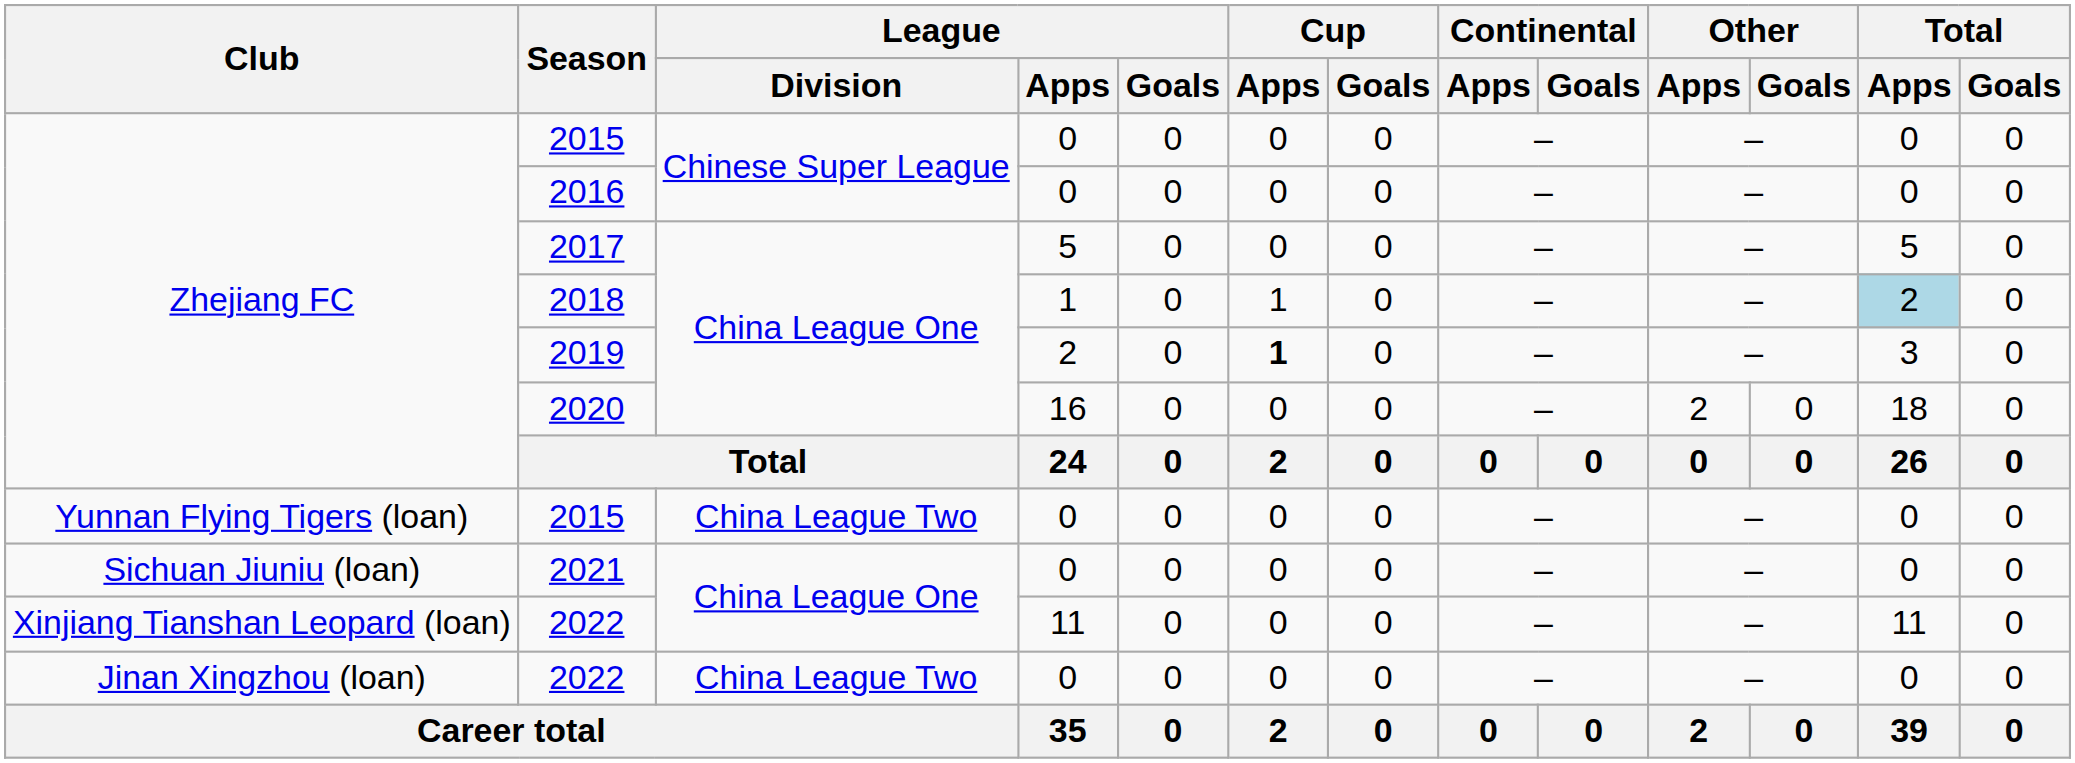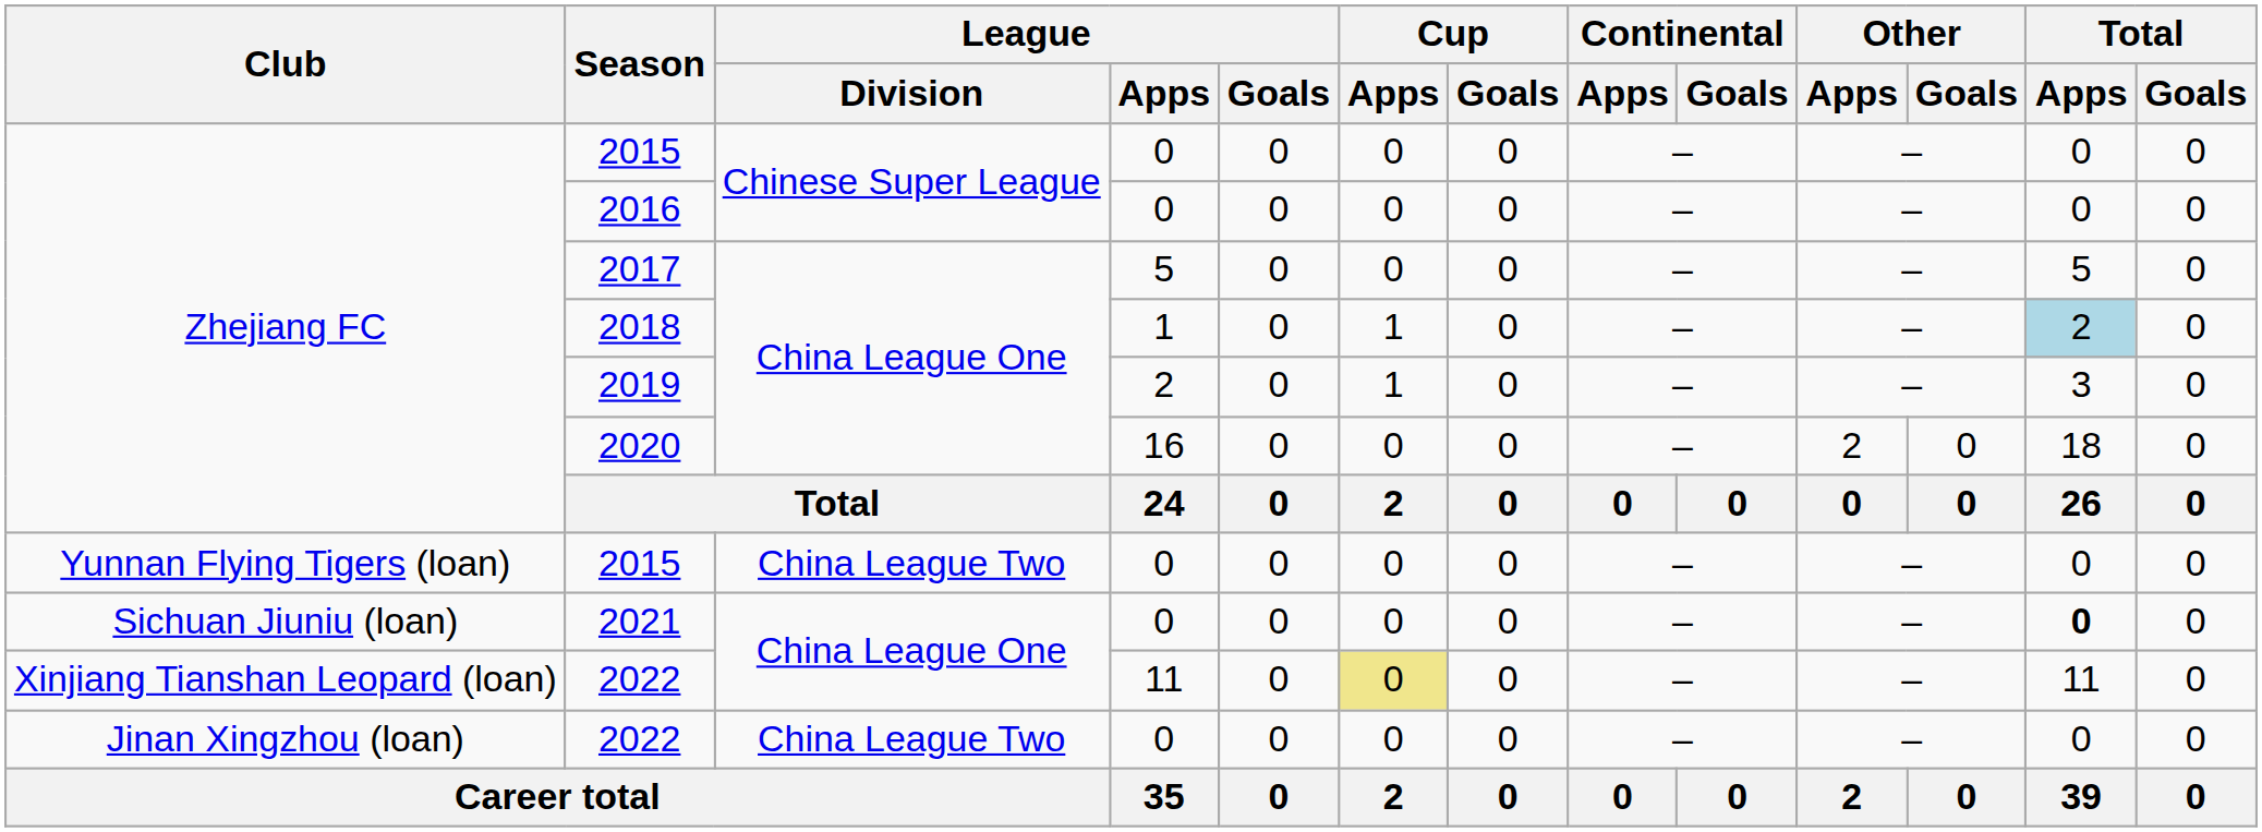 <table class="wikitable" style="text-align: center">
 <tr>
 <th rowspan="2">Club</th>
 <th rowspan="2">Season</th>
 <th colspan="3">League</th>
 <th colspan="2">Cup</th>
 <th colspan="2">Continental</th>
 <th colspan="2">Other</th>
 <th colspan="2">Total</th>
 </tr>
 <tr>
 <th>Division</th>
 <th>Apps</th>
 <th>Goals</th>
 <th>Apps</th>
 <th>Goals</th>
 <th>Apps</th>
 <th>Goals</th>
 <th>Apps</th>
 <th>Goals</th>
 <th>Apps</th>
 <th>Goals</th>
 </tr>
 <tr>
 <td rowspan="7"><a href='#'>Zhejiang FC</a></td>
 <td><a href='#'>2015</a></td>
 <td rowspan="2"><a href='#'>Chinese Super League</a></td>
 <td>0</td>
 <td>0</td>
 <td>0</td>
 <td>0</td>
 <td colspan="2">–</td>
 <td colspan="2">–</td>
 <td>0</td>
 <td>0</td>
 </tr>
 <tr>
 <td><a href='#'>2016</a></td>
 <td>0</td>
 <td>0</td>
 <td>0</td>
 <td>0</td>
 <td colspan="2">–</td>
 <td colspan="2">–</td>
 <td>0</td>
 <td>0</td>
 </tr>
 <tr>
 <td><a href='#'>2017</a></td>
 <td rowspan="4"><a href='#'>China League One</a></td>
 <td>5</td>
 <td>0</td>
 <td>0</td>
 <td>0</td>
 <td colspan="2">–</td>
 <td colspan="2">–</td>
 <td>5</td>
 <td>0</td>
 </tr>
 <tr>
 <td><a href='#'>2018</a></td>
 <td>1</td>
 <td>0</td>
 <td>1</td>
 <td>0</td>
 <td colspan="2">–</td>
 <td colspan="2">–</td>
 <td style="background: lightblue;">2</td>
 <td>0</td>
 </tr>
 <tr>
 <td><a href='#'>2019</a></td>
 <td>2</td>
 <td>0</td>
-<td><strong>1</strong></td>
+<td>1</td>
 <td>0</td>
 <td colspan="2">–</td>
 <td colspan="2">–</td>
 <td>3</td>
 <td>0</td>
 </tr>
 <tr>
 <td><a href='#'>2020</a></td>
 <td>16</td>
 <td>0</td>
 <td>0</td>
 <td>0</td>
 <td colspan="2">–</td>
 <td>2</td>
 <td>0</td>
 <td>18</td>
 <td>0</td>
 </tr>
 <tr>
 <th colspan=2>Total</th>
 <th>24</th>
 <th>0</th>
 <th>2</th>
 <th>0</th>
 <th>0</th>
 <th>0</th>
 <th>0</th>
 <th>0</th>
 <th>26</th>
 <th>0</th>
 </tr>
 <tr>
 <td><a href='#'>Yunnan Flying Tigers</a> (loan)</td>
 <td><a href='#'>2015</a></td>
 <td><a href='#'>China League Two</a></td>
 <td>0</td>
 <td>0</td>
 <td>0</td>
 <td>0</td>
 <td colspan="2">–</td>
 <td colspan="2">–</td>
 <td>0</td>
 <td>0</td>
 </tr>
 <tr>
 <td><a href='#'>Sichuan Jiuniu</a> (loan)</td>
 <td><a href='#'>2021</a></td>
 <td rowspan=2><a href='#'>China League One</a></td>
 <td>0</td>
 <td>0</td>
 <td>0</td>
 <td>0</td>
 <td colspan="2">–</td>
 <td colspan="2">–</td>
-<td>0</td>
+<td><strong>0</strong></td>
 <td>0</td>
 </tr>
 <tr>
 <td><a href='#'>Xinjiang Tianshan Leopard</a> (loan)</td>
 <td><a href='#'>2022</a></td>
 <td>11</td>
 <td>0</td>
-<td>0</td>
+<td style="background: khaki;">0</td>
 <td>0</td>
 <td colspan="2">–</td>
 <td colspan="2">–</td>
 <td>11</td>
 <td>0</td>
 </tr>
 <tr>
 <td><a href='#'>Jinan Xingzhou</a> (loan)</td>
 <td><a href='#'>2022</a></td>
 <td><a href='#'>China League Two</a></td>
 <td>0</td>
 <td>0</td>
 <td>0</td>
 <td>0</td>
 <td colspan="2">–</td>
 <td colspan="2">–</td>
 <td>0</td>
 <td>0</td>
 </tr>
 <tr>
 <th colspan=3>Career total</th>
 <th>35</th>
 <th>0</th>
 <th>2</th>
 <th>0</th>
 <th>0</th>
 <th>0</th>
 <th>2</th>
 <th>0</th>
 <th>39</th>
 <th>0</th>
 </tr>
 </table>
